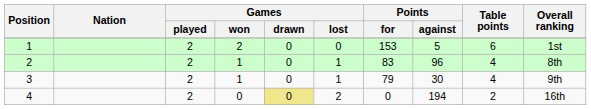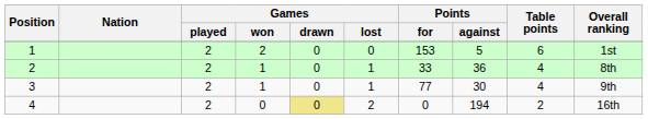 <table class="wikitable" style="text-align: center;">
 <tr>
 <th rowspan="2" width="8%">Position</th>
 <th rowspan="2" width="18%">Nation</th>
 <th colspan="4" width="32%">Games</th>
 <th colspan="2" width="16%">Points</th>
 <th rowspan="2" width="10%">Table<br>points</th>
 <th rowspan="2" width="10%">Overall<br>ranking</th>
 </tr>
 <tr>
 <th width="8%">played</th>
 <th width="8%">won</th>
 <th width="8%">drawn</th>
 <th width="8%">lost</th>
 <th width="8%">for</th>
 <th width="8%">against</th>
 </tr>
 <tr>
 </tr>
 <tr align="center" bgcolor="#ccffcc">
 <td>1</td>
 <td align="left"></td>
 <td>2</td>
 <td>2</td>
 <td>0</td>
 <td>0</td>
 <td>153</td>
 <td>5</td>
 <td>6</td>
 <td>1st</td>
 </tr>
 <tr bgcolor="#ccffcc">
 <td>2</td>
 <td align="left"></td>
 <td>2</td>
 <td>1</td>
 <td>0</td>
 <td>1</td>
-<td>83</td>
-<td>96</td>
+<td>33</td>
+<td>36</td>
 <td>4</td>
 <td>8th</td>
 </tr>
 <tr>
 <td>3</td>
 <td align="left"></td>
 <td>2</td>
 <td>1</td>
 <td>0</td>
 <td>1</td>
-<td>79</td>
+<td>77</td>
 <td>30</td>
 <td>4</td>
 <td>9th</td>
 </tr>
 <tr>
 <td>4</td>
 <td align="left"></td>
 <td>2</td>
 <td>0</td>
 <td style="background: khaki;">0</td>
 <td>2</td>
 <td>0</td>
 <td>194</td>
 <td>2</td>
 <td>16th</td>
 </tr>
 </table>
